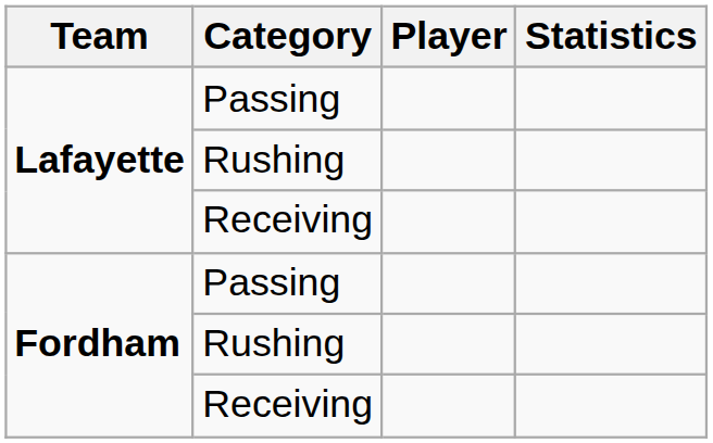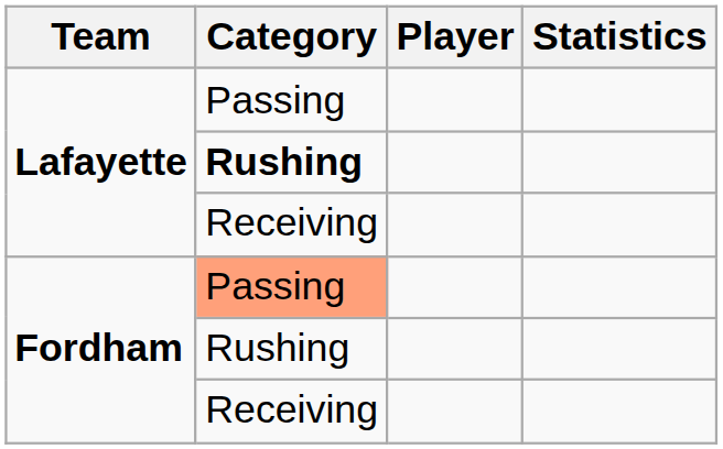 <table class="wikitable" style="float: right;">
 <tr>
 <th>Team</th>
 <th>Category</th>
 <th>Player</th>
 <th>Statistics</th>
 </tr>
 <tr>
 <td rowspan=3><strong>Lafayette</strong></td>
 <td>Passing</td>
 <td></td>
 <td></td>
 </tr>
 <tr>
-<td>Rushing</td>
+<td><strong>Rushing</strong></td>
 <td></td>
 <td></td>
 </tr>
 <tr>
 <td>Receiving</td>
 <td></td>
 <td></td>
 </tr>
 <tr>
 <td rowspan=3><strong>Fordham</strong></td>
-<td>Passing</td>
+<td style="background: lightsalmon;">Passing</td>
 <td></td>
 <td></td>
 </tr>
 <tr>
 <td>Rushing</td>
 <td></td>
 <td></td>
 </tr>
 <tr>
 <td>Receiving</td>
 <td></td>
 <td></td>
 </tr>
 </table>
